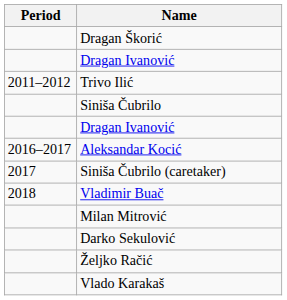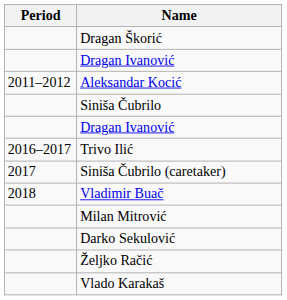 <table class="wikitable">
 <tr>
 <th width="75">Period</th>
 <th width="225">Name</th>
 </tr>
 <tr>
 <td></td>
 <td> Dragan Škorić</td>
 </tr>
 <tr>
 <td></td>
 <td> <a href='#'>Dragan Ivanović</a></td>
 </tr>
 <tr>
 <td>2011–2012</td>
-<td> Trivo Ilić</td>
+<td> <a href='#'>Aleksandar Kocić</a></td>
 </tr>
 <tr>
 <td></td>
 <td> Siniša Čubrilo</td>
 </tr>
 <tr>
 <td></td>
 <td> <a href='#'>Dragan Ivanović</a></td>
 </tr>
 <tr>
 <td>2016–2017</td>
-<td> <a href='#'>Aleksandar Kocić</a></td>
+<td> Trivo Ilić</td>
 </tr>
 <tr>
 <td>2017</td>
 <td> Siniša Čubrilo (caretaker)</td>
 </tr>
 <tr>
 <td>2018</td>
 <td> <a href='#'>Vladimir Buač</a></td>
 </tr>
 <tr>
 <td></td>
 <td> Milan Mitrović</td>
 </tr>
 <tr>
 <td></td>
 <td> Darko Sekulović</td>
 </tr>
 <tr>
 <td></td>
 <td> Željko Račić</td>
 </tr>
 <tr>
 <td></td>
 <td> Vlado Karakaš</td>
 </tr>
 </table>
